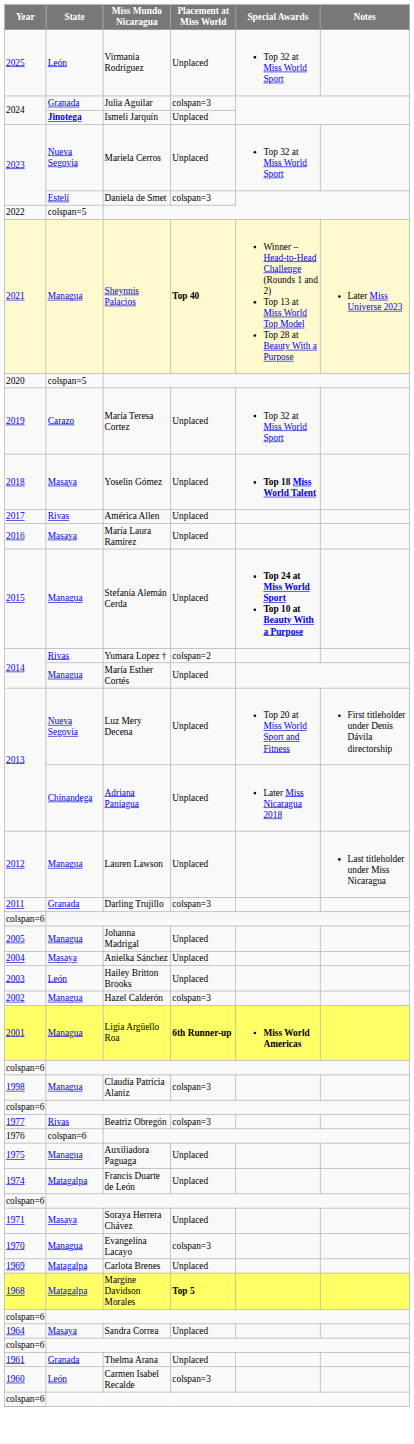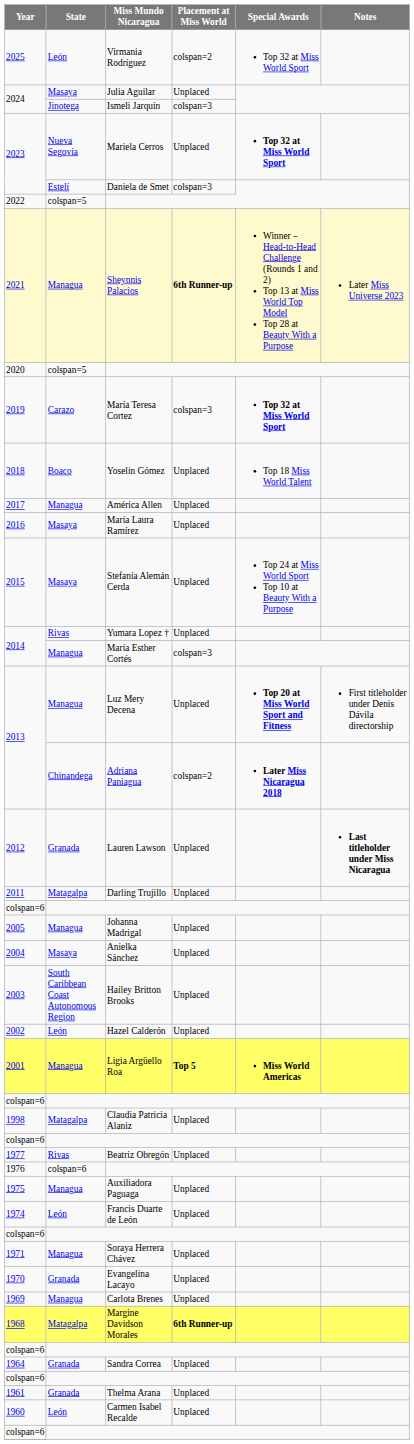 <table class="sortable" border="5" cellpadding="2" cellspacing="0" align=" 0 1em 0 0" style="background: #f9f9f9; border: 1px #aaa solid; border-collapse: collapse; font-size: 90%">
 <tr>
 <th width="60" style="background-color:#787878;color:#FFFFFF;">Year</th>
 <th width="150" style="background-color:#787878;color:#FFFFFF;">State</th>
 <th width="250" style="background-color:#787878;color:#FFFFFF;">Miss Mundo Nicaragua</th>
 <th width="250" style="background-color:#787878;color:#FFFFFF;">Placement at Miss World</th>
 <th width="250" style="background-color:#787878;color:#FFFFFF;">Special Awards</th>
 <th width="250" style="background-color:#787878;color:#FFFFFF;">Notes</th>
 </tr>
 <tr>
 <td><a href='#'>2025</a></td>
 <td><a href='#'>León</a></td>
 <td>Virmania Rodríguez</td>
-<td>Unplaced</td>
+<td>colspan=2 </td>
 <td><br><ul><li>Top 32 at <a href='#'>Miss World Sport</a></li></ul></td>
 <td></td>
 </tr>
 <tr>
 <td rowspan="2">2024</td>
-<td><a href='#'>Granada</a></td>
+<td><a href='#'>Masaya</a></td>
 <td>Julia Aguilar</td>
-<td>colspan=3 </td>
+<td>Unplaced</td>
 </tr>
 <tr>
-<td><strong><a href='#'>Jinotega</a></strong></td>
+<td><a href='#'>Jinotega</a></td>
 <td>Ismeli Jarquín</td>
-<td>Unplaced</td>
+<td>colspan=3 </td>
 </tr>
 <tr>
 <td rowspan=2><a href='#'>2023</a></td>
 <td><a href='#'>Nueva Segovia</a></td>
 <td>Mariela Cerros</td>
 <td>Unplaced</td>
-<td><br><ul><li>Top 32 at <a href='#'>Miss World Sport</a></li></ul></td>
+<td><strong><br><ul><li>Top 32 at <a href='#'>Miss World Sport</a></li></ul></strong></td>
 <td></td>
 </tr>
 <tr>
 <td><a href='#'>Estelí</a></td>
 <td>Daniela de Smet</td>
 <td>colspan=3 </td>
 </tr>
 <tr>
 <td>2022</td>
 <td>colspan=5 </td>
 </tr>
 <tr style="background-color:#FFFACD;">
 <td><a href='#'>2021</a></td>
 <td><a href='#'>Managua</a></td>
 <td><a href='#'>Sheynnis Palacios</a></td>
-<td><strong>Top 40</strong></td>
+<td><strong>6th Runner-up</strong></td>
 <td><br><ul><li>Winner – <a href='#'>Head-to-Head Challenge</a> (Rounds 1 and 2)</li><li>Top 13 at <a href='#'>Miss World Top Model</a></li><li>Top 28 at <a href='#'>Beauty With a Purpose</a></li></ul></td>
 <td><br><ul><li>Later <a href='#'>Miss Universe 2023</a></li></ul></td>
 </tr>
 <tr>
 <td>2020</td>
 <td>colspan=5 </td>
 </tr>
 <tr>
 <td><a href='#'>2019</a></td>
 <td><a href='#'>Carazo</a></td>
 <td>María Teresa Cortez</td>
-<td>Unplaced</td>
-<td><br><ul><li>Top 32 at <a href='#'>Miss World Sport</a></li></ul></td>
+<td>colspan=3 </td>
+<td><strong><br><ul><li>Top 32 at <a href='#'>Miss World Sport</a></li></ul></strong></td>
 <td></td>
 </tr>
 <tr>
 <td><a href='#'>2018</a></td>
-<td><a href='#'>Masaya</a></td>
+<td><a href='#'>Boaco</a></td>
 <td>Yoselin Gómez</td>
 <td>Unplaced</td>
-<td><strong><br><ul><li>Top 18 <a href='#'>Miss World Talent</a></li></ul></strong></td>
+<td><br><ul><li>Top 18 <a href='#'>Miss World Talent</a></li></ul></td>
 <td></td>
 </tr>
 <tr>
 <td><a href='#'>2017</a></td>
-<td><a href='#'>Rivas</a></td>
+<td><a href='#'>Managua</a></td>
 <td>América Allen</td>
 <td>Unplaced</td>
 <td></td>
 <td></td>
 </tr>
 <tr>
 <td><a href='#'>2016</a></td>
 <td><a href='#'>Masaya</a></td>
 <td>María Laura Ramírez</td>
 <td>Unplaced</td>
 <td></td>
 <td></td>
 </tr>
 <tr>
 <td><a href='#'>2015</a></td>
-<td><a href='#'>Managua</a></td>
+<td><a href='#'>Masaya</a></td>
 <td>Stefanía Alemán Cerda</td>
 <td>Unplaced</td>
-<td><strong><br><ul><li>Top 24 at <a href='#'>Miss World Sport</a></li><li>Top 10 at <a href='#'>Beauty With a Purpose</a></li></ul></strong></td>
+<td><br><ul><li>Top 24 at <a href='#'>Miss World Sport</a></li><li>Top 10 at <a href='#'>Beauty With a Purpose</a></li></ul></td>
 <td></td>
 </tr>
 <tr>
 <td rowspan=2><a href='#'>2014</a></td>
 <td><a href='#'>Rivas</a></td>
 <td>Yumara Lopez †</td>
-<td>colspan=2 </td>
+<td>Unplaced</td>
 <td></td>
 <td></td>
 </tr>
 <tr>
 <td><a href='#'>Managua</a></td>
 <td>María Esther Cortés</td>
-<td>Unplaced</td>
+<td>colspan=3 </td>
 </tr>
 <tr>
 <td rowspan=2><a href='#'>2013</a></td>
-<td><a href='#'>Nueva Segovia</a></td>
+<td><a href='#'>Managua</a></td>
 <td>Luz Mery Decena</td>
 <td>Unplaced</td>
-<td><br><ul><li>Top 20 at <a href='#'>Miss World Sport and Fitness</a></li></ul></td>
+<td><strong><br><ul><li>Top 20 at <a href='#'>Miss World Sport and Fitness</a></li></ul></strong></td>
 <td><br><ul><li>First titleholder under Denis Dávila directorship</li></ul></td>
 </tr>
 <tr>
 <td><a href='#'>Chinandega</a></td>
 <td><a href='#'>Adriana Paniagua</a></td>
-<td>Unplaced</td>
-<td><br><ul><li>Later <a href='#'>Miss Nicaragua 2018</a></li></ul></td>
+<td>colspan=2 </td>
+<td><strong><br><ul><li>Later <a href='#'>Miss Nicaragua 2018</a></li></ul></strong></td>
 </tr>
 <tr>
 <td><a href='#'>2012</a></td>
-<td><a href='#'>Managua</a></td>
+<td><a href='#'>Granada</a></td>
 <td>Lauren Lawson</td>
 <td>Unplaced</td>
 <td></td>
-<td><br><ul><li>Last titleholder under Miss Nicaragua</li></ul></td>
+<td><strong><br><ul><li>Last titleholder under Miss Nicaragua</li></ul></strong></td>
 </tr>
 <tr>
 <td><a href='#'>2011</a></td>
-<td><a href='#'>Granada</a></td>
+<td><a href='#'>Matagalpa</a></td>
 <td>Darling Trujillo</td>
-<td>colspan=3 </td>
+<td>Unplaced</td>
 <td></td>
 <td></td>
 </tr>
 <tr>
 <td>colspan=6 </td>
 </tr>
 <tr>
 <td><a href='#'>2005</a></td>
 <td><a href='#'>Managua</a></td>
 <td>Johanna Madrigal</td>
 <td>Unplaced</td>
 <td></td>
 <td></td>
 </tr>
 <tr>
 <td><a href='#'>2004</a></td>
 <td><a href='#'>Masaya</a></td>
 <td>Anielka Sánchez</td>
 <td>Unplaced</td>
 <td></td>
 <td></td>
 </tr>
 <tr>
 <td><a href='#'>2003</a></td>
-<td><a href='#'>León</a></td>
+<td><a href='#'>South Caribbean Coast Autonomous Region</a></td>
 <td>Hailey Britton Brooks</td>
 <td>Unplaced</td>
 <td></td>
 <td></td>
 </tr>
 <tr>
 <td><a href='#'>2002</a></td>
-<td><a href='#'>Managua</a></td>
+<td><a href='#'>León</a></td>
 <td>Hazel Calderón</td>
-<td>colspan=3 </td>
+<td>Unplaced</td>
 <td></td>
 <td></td>
 </tr>
 <tr bgcolor="FFFF66">
 <td><a href='#'>2001</a></td>
 <td><a href='#'>Managua</a></td>
 <td>Ligia Argüello Roa</td>
-<td><strong>6th Runner-up</strong></td>
+<td><strong>Top 5</strong></td>
 <td><br><ul><li><strong>Miss World Americas</strong></li></ul></td>
 <td></td>
 </tr>
 <tr>
 <td>colspan=6 </td>
 </tr>
 <tr>
 <td><a href='#'>1998</a></td>
-<td><a href='#'>Managua</a></td>
+<td><a href='#'>Matagalpa</a></td>
 <td>Claudia Patricia Alaniz</td>
-<td>colspan=3 </td>
+<td>Unplaced</td>
 <td></td>
 <td></td>
 </tr>
 <tr>
 <td>colspan=6 </td>
 </tr>
 <tr>
 <td><a href='#'>1977</a></td>
 <td><a href='#'>Rivas</a></td>
 <td>Beatriz Obregón</td>
-<td>colspan=3 </td>
+<td>Unplaced</td>
 <td></td>
 <td></td>
 </tr>
 <tr>
 <td>1976</td>
 <td>colspan=6 </td>
 </tr>
 <tr>
 <td><a href='#'>1975</a></td>
 <td><a href='#'>Managua</a></td>
 <td>Auxiliadora Paguaga</td>
 <td>Unplaced</td>
 <td></td>
 <td></td>
 </tr>
 <tr>
 <td><a href='#'>1974</a></td>
-<td><a href='#'>Matagalpa</a></td>
+<td><a href='#'>León</a></td>
 <td>Francis Duarte de León</td>
 <td>Unplaced</td>
 <td></td>
 <td></td>
 </tr>
 <tr>
 <td>colspan=6 </td>
 </tr>
 <tr>
 <td><a href='#'>1971</a></td>
-<td><a href='#'>Masaya</a></td>
+<td><a href='#'>Managua</a></td>
 <td>Soraya Herrera Chávez</td>
 <td>Unplaced</td>
 <td></td>
 <td></td>
 </tr>
 <tr>
 <td><a href='#'>1970</a></td>
-<td><a href='#'>Managua</a></td>
+<td><a href='#'>Granada</a></td>
 <td>Evangelina Lacayo</td>
-<td>colspan=3 </td>
+<td>Unplaced</td>
 <td></td>
 <td></td>
 </tr>
 <tr>
 <td><a href='#'>1969</a></td>
-<td><a href='#'>Matagalpa</a></td>
+<td><a href='#'>Managua</a></td>
 <td>Carlota Brenes</td>
 <td>Unplaced</td>
 <td></td>
 <td></td>
 </tr>
 <tr bgcolor="FFFF66">
 <td><a href='#'>1968</a></td>
 <td><a href='#'>Matagalpa</a></td>
 <td>Margine Davidson Morales</td>
-<td><strong>Top 5</strong></td>
+<td><strong>6th Runner-up</strong></td>
 <td></td>
 <td></td>
 </tr>
 <tr>
 <td>colspan=6 </td>
 </tr>
 <tr>
 <td><a href='#'>1964</a></td>
-<td><a href='#'>Masaya</a></td>
+<td><a href='#'>Granada</a></td>
 <td>Sandra Correa</td>
 <td>Unplaced</td>
 <td></td>
 <td></td>
 </tr>
 <tr>
 <td>colspan=6 </td>
 </tr>
 <tr>
 <td><a href='#'>1961</a></td>
 <td><a href='#'>Granada</a></td>
 <td>Thelma Arana</td>
 <td>Unplaced</td>
 <td></td>
 <td></td>
 </tr>
 <tr>
 <td><a href='#'>1960</a></td>
 <td><a href='#'>León</a></td>
 <td>Carmen Isabel Recalde</td>
-<td>colspan=3 </td>
+<td>Unplaced</td>
 <td></td>
 <td></td>
 </tr>
 <tr>
 <td>colspan=6 </td>
 </tr>
 <tr>
 </tr>
 </table>
